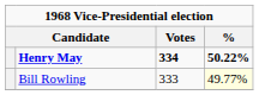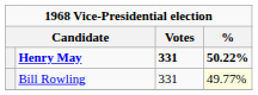 <table class="wikitable" style="font-size: 95%;">
 <tr>
 <td colspan=4 style="text-align:center;"><strong>1968 Vice-Presidential election</strong></td>
 </tr>
 <tr style="background-color:#E9E9E9">
 <th colspan="2" style="width: 170px">Candidate</th>
 <th style="width: 50px">Votes</th>
 <th style="width: 40px">%</th>
 </tr>
 <tr>
 <th width=5 style="background-color: "></th>
 <td><strong><a href='#'>Henry May</a></strong></td>
-<td><strong>334</strong></td>
+<td><strong>331</strong></td>
 <td><strong>50.22%</strong></td>
 </tr>
 <tr>
 <th style="background-color: "></th>
 <td><a href='#'>Bill Rowling</a></td>
-<td>333</td>
+<td>331</td>
 <td style="background: lightyellow;">49.77%</td>
 </tr>
 <tr>
 </tr>
 </table>
